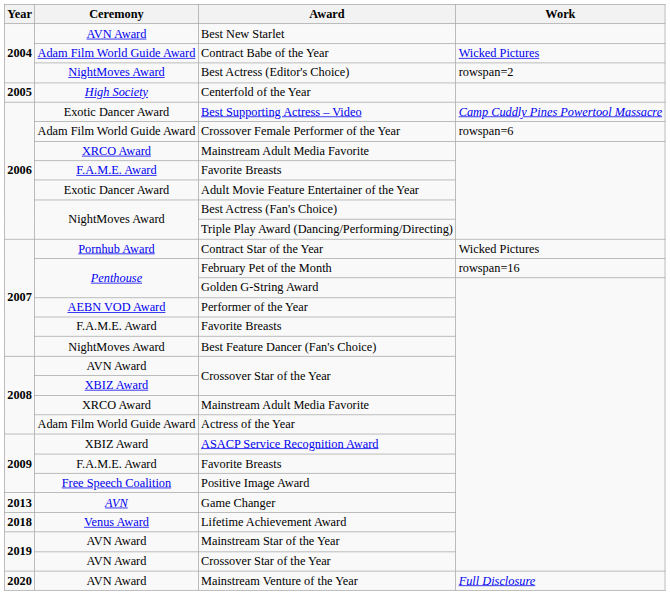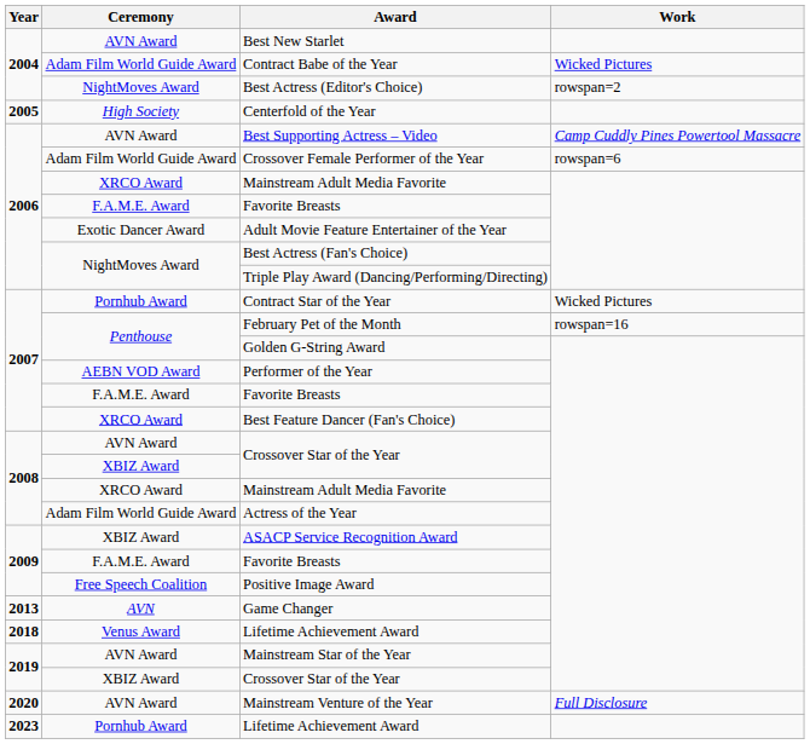 <table class="wikitable">
 <tr>
 <th>Year</th>
 <th>Ceremony</th>
 <th>Award</th>
 <th>Work</th>
 </tr>
 <tr>
 <td rowspan="3"><strong>2004</strong></td>
 <td align=center><a href='#'>AVN Award</a></td>
 <td>Best New Starlet</td>
 <td></td>
 </tr>
 <tr>
 <td align=center><a href='#'>Adam Film World Guide Award</a></td>
 <td>Contract Babe of the Year</td>
 <td><a href='#'>Wicked Pictures</a></td>
 </tr>
 <tr>
 <td align=center><a href='#'>NightMoves Award</a></td>
 <td>Best Actress (Editor's Choice)</td>
 <td>rowspan=2 </td>
 </tr>
 <tr>
 <td><strong>2005</strong></td>
 <td align=center><em><a href='#'>High Society</a></em></td>
 <td>Centerfold of the Year</td>
 </tr>
 <tr>
 <td rowspan="7"><strong>2006</strong></td>
-<td align=center>Exotic Dancer Award</td>
+<td align=center>AVN Award</td>
 <td><a href='#'>Best Supporting Actress – Video</a></td>
 <td><em><a href='#'>Camp Cuddly Pines Powertool Massacre</a></em></td>
 </tr>
 <tr>
 <td align=center>Adam Film World Guide Award</td>
 <td>Crossover Female Performer of the Year</td>
 <td>rowspan=6</td>
 </tr>
 <tr>
 <td align=center><a href='#'>XRCO Award</a></td>
 <td>Mainstream Adult Media Favorite</td>
 </tr>
 <tr>
 <td align=center><a href='#'>F.A.M.E. Award</a></td>
 <td>Favorite Breasts</td>
 </tr>
 <tr>
 <td align=center>Exotic Dancer Award</td>
 <td>Adult Movie Feature Entertainer of the Year</td>
 </tr>
 <tr>
 <td style="text-align:center;" rowspan="2">NightMoves Award</td>
 <td>Best Actress (Fan's Choice)</td>
 </tr>
 <tr>
 <td>Triple Play Award (Dancing/Performing/Directing)</td>
 </tr>
 <tr>
 <td rowspan="6"><strong>2007</strong></td>
 <td align=center><a href='#'>Pornhub Award</a></td>
 <td>Contract Star of the Year</td>
 <td>Wicked Pictures</td>
 </tr>
 <tr>
 <td rowspan=2 align=center><em><a href='#'>Penthouse</a></em></td>
 <td>February Pet of the Month</td>
 <td>rowspan=16</td>
 </tr>
 <tr>
 <td>Golden G-String Award</td>
 </tr>
 <tr>
 <td align=center><a href='#'>AEBN VOD Award</a></td>
 <td>Performer of the Year</td>
 </tr>
 <tr>
 <td align=center>F.A.M.E. Award</td>
 <td>Favorite Breasts</td>
 </tr>
 <tr>
-<td align=center>NightMoves Award</td>
+<td align=center><a href='#'>XRCO Award</a></td>
 <td>Best Feature Dancer (Fan's Choice)</td>
 </tr>
 <tr>
 <td rowspan="4"><strong>2008</strong></td>
 <td align=center>AVN Award</td>
 <td rowspan="2">Crossover Star of the Year</td>
 </tr>
 <tr>
 <td align=center><a href='#'>XBIZ Award</a></td>
 </tr>
 <tr>
 <td align=center>XRCO Award</td>
 <td>Mainstream Adult Media Favorite</td>
 </tr>
 <tr>
 <td align=center>Adam Film World Guide Award</td>
 <td>Actress of the Year</td>
 </tr>
 <tr>
 <td rowspan="3"><strong>2009</strong></td>
 <td align=center>XBIZ Award</td>
 <td><a href='#'>ASACP Service Recognition Award</a></td>
 </tr>
 <tr>
 <td align=center>F.A.M.E. Award</td>
 <td>Favorite Breasts</td>
 </tr>
 <tr>
 <td align=center><a href='#'>Free Speech Coalition</a></td>
 <td>Positive Image Award</td>
 </tr>
 <tr>
 <td><strong>2013</strong></td>
 <td align=center><em><a href='#'>AVN</a></em></td>
 <td>Game Changer</td>
 </tr>
 <tr>
 <td><strong>2018</strong></td>
 <td align=center><a href='#'>Venus Award</a></td>
 <td>Lifetime Achievement Award</td>
 </tr>
 <tr>
 <td rowspan=2><strong>2019</strong></td>
 <td align=center>AVN Award</td>
 <td>Mainstream Star of the Year</td>
 </tr>
 <tr>
-<td align=center>AVN Award</td>
+<td align=center>XBIZ Award</td>
 <td>Crossover Star of the Year</td>
 </tr>
 <tr>
 <td><strong>2020</strong></td>
 <td align=center>AVN Award</td>
 <td>Mainstream Venture of the Year</td>
 <td><em><a href='#'>Full Disclosure</a></em></td>
 </tr>
+<tr>
+<td><strong>2023</strong></td>
+<td align=center><a href='#'>Pornhub Award</a></td>
+<td>Lifetime Achievement Award</td>
+<td></td>
+</tr>
 </table>
